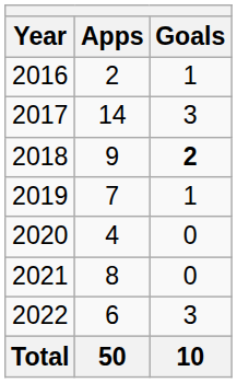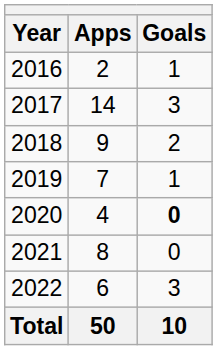 <table class="wikitable" style="text-align:center">
 <tr>
 <th colspan=3></th>
 </tr>
 <tr>
 <th>Year</th>
 <th>Apps</th>
 <th>Goals</th>
 </tr>
 <tr>
 <td>2016</td>
 <td>2</td>
 <td>1</td>
 </tr>
 <tr>
 <td>2017</td>
 <td>14</td>
 <td>3</td>
 </tr>
 <tr>
 <td>2018</td>
 <td>9</td>
-<td><strong>2</strong></td>
+<td>2</td>
 </tr>
 <tr>
 <td>2019</td>
 <td>7</td>
 <td>1</td>
 </tr>
 <tr>
 <td>2020</td>
 <td>4</td>
-<td>0</td>
+<td><strong>0</strong></td>
 </tr>
 <tr>
 <td>2021</td>
 <td>8</td>
 <td>0</td>
 </tr>
 <tr>
 <td>2022</td>
 <td>6</td>
 <td>3</td>
 </tr>
 <tr>
 <th>Total</th>
 <th>50</th>
 <th>10</th>
 </tr>
 </table>
